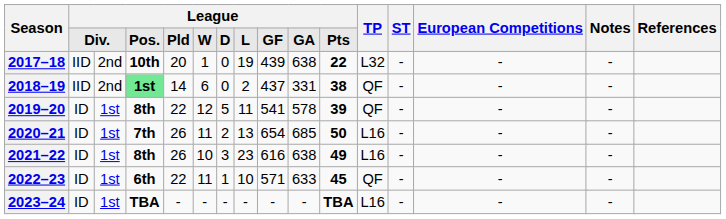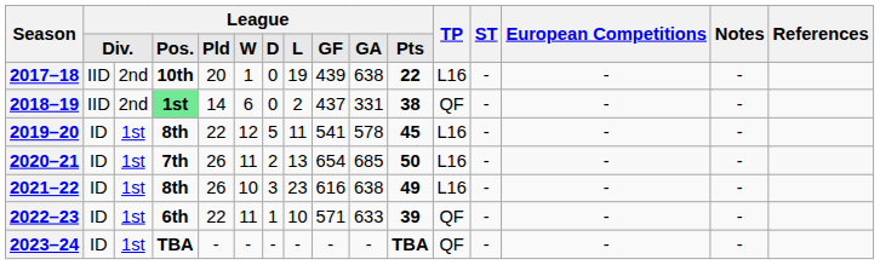 <table class="wikitable" style="font-size:90%; text-align: center;  height: 50px;">
 <tr>
 <th rowspan="2">Season</th>
 <th colspan="10">League</th>
 <th align=center rowspan="2"><a href='#'>TP</a></th>
 <th align=center rowspan="2"><a href='#'>ST</a></th>
 <th colspan="2" rowspan="2"><a href='#'>European Competitions</a></th>
 <th colspan="2" rowspan="2">Notes</th>
 <th rowspan="2">References</th>
 </tr>
 <tr>
 <td colspan="2" bgcolor="#E8E8E8"><strong>Div.</strong><br></td>
 <td bgcolor="#E8E8E8"><strong>Pos.</strong></td>
 <td bgcolor="#E8E8E8"><strong>Pld</strong></td>
 <td bgcolor="#E8E8E8"><strong>W</strong></td>
 <td bgcolor="#E8E8E8"><strong>D</strong></td>
 <td bgcolor="#E8E8E8"><strong>L</strong></td>
 <td bgcolor="#E8E8E8"><strong>GF</strong></td>
 <td bgcolor="#E8E8E8"><strong>GA</strong></td>
 <td bgcolor="#E8E8E8"><strong>Pts</strong></td>
 </tr>
 <tr>
 <th><a href='#'>2017–18</a></th>
 <td>IID</td>
 <td>2nd</td>
 <td><strong>10th</strong></td>
 <td>20</td>
 <td>1</td>
 <td>0</td>
 <td>19</td>
 <td>439</td>
 <td>638</td>
 <td><strong>22</strong></td>
-<td>L32</td>
+<td>L16</td>
 <td>-</td>
 <td colspan="2">-</td>
 <td colspan="2">-</td>
 <td></td>
 </tr>
 <tr>
 <th><a href='#'>2018–19</a></th>
 <td>IID</td>
 <td>2nd</td>
 <td bgcolor="#71e894"><strong>1st</strong></td>
 <td>14</td>
 <td>6</td>
 <td>0</td>
 <td>2</td>
 <td>437</td>
 <td>331</td>
 <td><strong>38</strong></td>
 <td>QF</td>
 <td>-</td>
 <td colspan="2">-</td>
 <td colspan="2">-</td>
 <td></td>
 </tr>
 <tr>
 <th><a href='#'>2019–20</a></th>
 <td>ID</td>
 <td><a href='#'>1st</a></td>
 <td><strong>8th</strong></td>
 <td>22</td>
 <td>12</td>
 <td>5</td>
 <td>11</td>
 <td>541</td>
 <td>578</td>
-<td><strong>39</strong></td>
-<td>QF</td>
+<td><strong>45</strong></td>
+<td>L16</td>
 <td>-</td>
 <td colspan="2">-</td>
 <td colspan="2">-</td>
 <td></td>
 </tr>
 <tr>
 <th><a href='#'>2020–21</a></th>
 <td>ID</td>
 <td><a href='#'>1st</a></td>
 <td><strong>7th</strong></td>
 <td>26</td>
 <td>11</td>
 <td>2</td>
 <td>13</td>
 <td>654</td>
 <td>685</td>
 <td><strong>50</strong></td>
 <td>L16</td>
 <td>-</td>
 <td colspan="2">-</td>
 <td colspan="2">-</td>
 <td></td>
 </tr>
 <tr>
 <th><a href='#'>2021–22</a></th>
 <td>ID</td>
 <td><a href='#'>1st</a></td>
 <td><strong>8th</strong></td>
 <td>26</td>
 <td>10</td>
 <td>3</td>
 <td>23</td>
 <td>616</td>
 <td>638</td>
 <td><strong>49</strong></td>
 <td>L16</td>
 <td>-</td>
 <td colspan="2">-</td>
 <td colspan="2">-</td>
 <td></td>
 </tr>
 <tr>
 <th><a href='#'>2022–23</a></th>
 <td>ID</td>
 <td><a href='#'>1st</a></td>
 <td><strong>6th</strong></td>
 <td>22</td>
 <td>11</td>
 <td>1</td>
 <td>10</td>
 <td>571</td>
 <td>633</td>
-<td><strong>45</strong></td>
+<td><strong>39</strong></td>
 <td>QF</td>
 <td>-</td>
 <td colspan="2">-</td>
 <td colspan="2">-</td>
 <td></td>
 </tr>
 <tr>
 <th><a href='#'>2023–24</a></th>
 <td>ID</td>
 <td><a href='#'>1st</a></td>
 <td><strong>TBA</strong></td>
 <td>-</td>
 <td>-</td>
 <td>-</td>
 <td>-</td>
 <td>-</td>
 <td>-</td>
 <td><strong>TBA</strong></td>
-<td>L16</td>
+<td>QF</td>
 <td>-</td>
 <td colspan="2">-</td>
 <td colspan="2">-</td>
 <td></td>
 </tr>
 </table>
